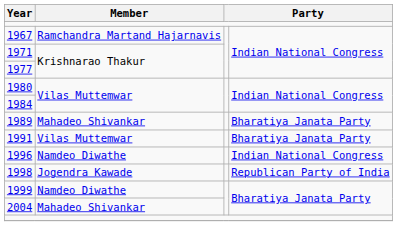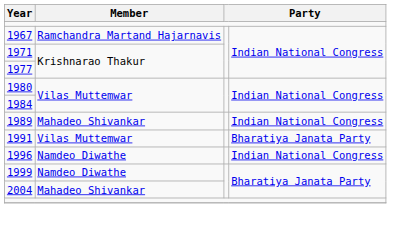 <table class="wikitable">
 <tr>
 <th>Year</th>
 <th>Member</th>
 <th colspan="2">Party</th>
 </tr>
 <tr>
 <td colspan="4"></td>
 </tr>
 <tr>
 <td><a href='#'>1967</a></td>
 <td><a href='#'>Ramchandra Martand Hajarnavis</a></td>
 <td rowspan="3" style="background-color: "></td>
 <td rowspan="3"><a href='#'>Indian National Congress</a></td>
 </tr>
 <tr>
 <td><a href='#'>1971</a></td>
 <td rowspan="2">Krishnarao Thakur</td>
 </tr>
 <tr>
 <td><a href='#'>1977</a></td>
 </tr>
 <tr>
 <td><a href='#'>1980</a></td>
 <td rowspan="2"><a href='#'>Vilas Muttemwar</a></td>
 <td rowspan="2" style="background-color: "></td>
 <td rowspan="2"><a href='#'>Indian National Congress</a></td>
 </tr>
 <tr>
 <td><a href='#'>1984</a></td>
 </tr>
 <tr>
 <td><a href='#'>1989</a></td>
 <td><a href='#'>Mahadeo Shivankar</a></td>
 <td style="background-color: "></td>
-<td><a href='#'>Bharatiya Janata Party</a></td>
+<td><a href='#'>Indian National Congress</a></td>
 </tr>
 <tr>
 <td><a href='#'>1991</a></td>
 <td><a href='#'>Vilas Muttemwar</a></td>
 <td style="background-color: "></td>
 <td><a href='#'>Bharatiya Janata Party</a></td>
 </tr>
 <tr>
 <td><a href='#'>1996</a></td>
 <td><a href='#'>Namdeo Diwathe</a></td>
 <td style="background-color: "></td>
 <td><a href='#'>Indian National Congress</a></td>
-</tr>
-<tr>
-<td><a href='#'>1998</a></td>
-<td><a href='#'>Jogendra Kawade</a></td>
-<td style="background-color: "></td>
-<td><a href='#'>Republican Party of India</a></td>
 </tr>
 <tr>
 <td><a href='#'>1999</a></td>
 <td><a href='#'>Namdeo Diwathe</a></td>
 <td rowspan="2" style="background-color: "></td>
 <td rowspan="2"><a href='#'>Bharatiya Janata Party</a></td>
 </tr>
 <tr>
 <td><a href='#'>2004</a></td>
 <td><a href='#'>Mahadeo Shivankar</a></td>
 </tr>
 <tr>
 <td colspan="4"></td>
 </tr>
 <tr>
 </tr>
 </table>
